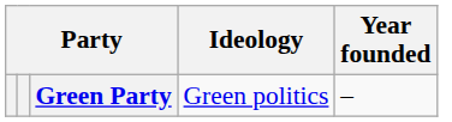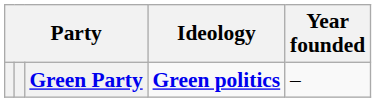 <table class="wikitable plainrowheaders">
 <tr>
 <th colspan="3">Party</th>
 <th>Ideology</th>
 <th>Year<br>founded</th>
 </tr>
 <tr>
 <th style="background-color:"></th>
 <th></th>
 <th><a href='#'>Green Party</a></th>
-<td><a href='#'>Green politics</a></td>
+<td><strong><a href='#'>Green politics</a></strong></td>
 <td>–</td>
 </tr>
 </table>
